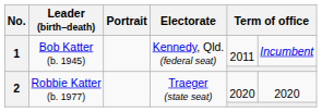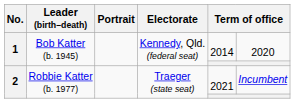 <table class="wikitable" style="text-align:center; font-size: 95%">
 <tr>
 <th>No.</th>
 <th>Leader<br><small>(birth–death)</small></th>
 <th>Portrait</th>
 <th>Electorate</th>
 <th colspan=2 scope="col">Term of office</th>
 </tr>
 <tr>
 <th rowspan=2>1</th>
 <td rowspan=2><a href='#'>Bob Katter</a><br><small>(b. 1945)</small></td>
 <td rowspan=2></td>
 <td rowspan=2><a href='#'>Kennedy</a>, Qld.<br><small><em>(federal seat)</em></small></td>
-<td><br>2011</td>
-<td><em><a href='#'>Incumbent</a></em></td>
+<td><br>2014</td>
+<td><br>2020</td>
 </tr>
 <tr>
 <th colspan=2 style="font-size:90%; font-weight:normal"></th>
 </tr>
 <tr>
 <th rowspan=2>2</th>
 <td rowspan=2><a href='#'>Robbie Katter</a><br><small>(b. 1977)</small></td>
 <td rowspan=2></td>
 <td rowspan=2><a href='#'>Traeger</a><br><small><em>(state seat)</em></small></td>
-<td><br>2020</td>
-<td><br>2020</td>
+<td><br>2021</td>
+<td><em><a href='#'>Incumbent</a></em></td>
 </tr>
 <tr>
 <th colspan=2 style="font-size:90%; font-weight:normal"></th>
 </tr>
 </table>
